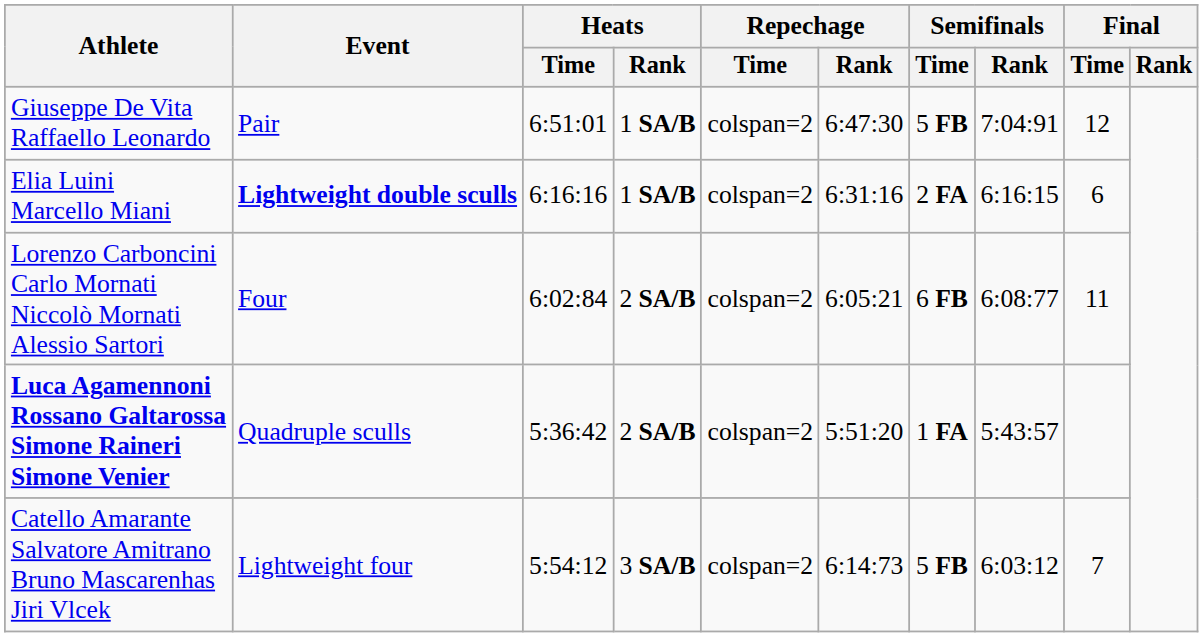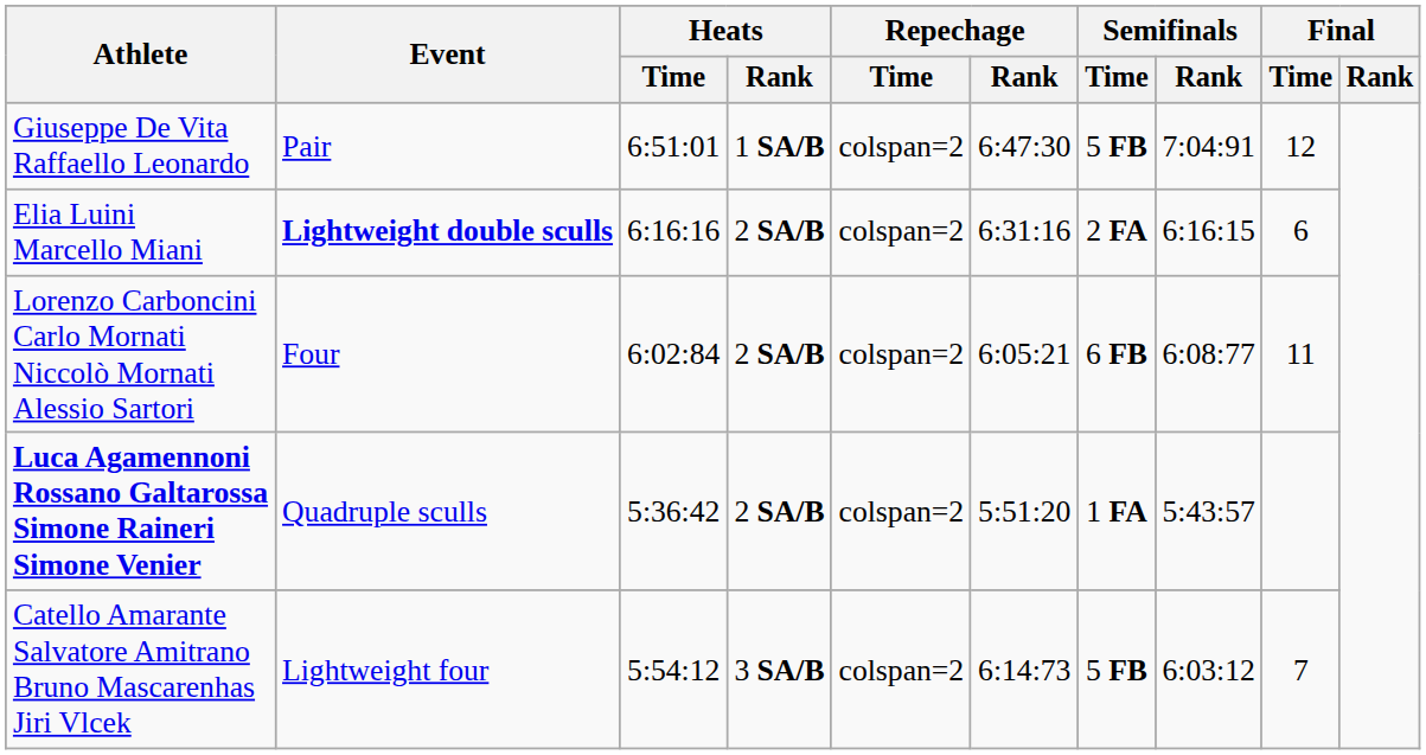 <table class="wikitable" style="font-size:90%">
 <tr>
 <th rowspan="2">Athlete</th>
 <th rowspan="2">Event</th>
 <th colspan="2">Heats</th>
 <th colspan="2">Repechage</th>
 <th colspan="2">Semifinals</th>
 <th colspan="2">Final</th>
 </tr>
 <tr style="font-size:95%">
 <th>Time</th>
 <th>Rank</th>
 <th>Time</th>
 <th>Rank</th>
 <th>Time</th>
 <th>Rank</th>
 <th>Time</th>
 <th>Rank</th>
 </tr>
 <tr align=center>
 <td align=left><a href='#'>Giuseppe De Vita</a><br><a href='#'>Raffaello Leonardo</a></td>
 <td align=left><a href='#'>Pair</a></td>
 <td>6:51:01</td>
 <td>1 <strong>SA/B</strong></td>
 <td>colspan=2 </td>
 <td>6:47:30</td>
 <td>5 <strong>FB</strong></td>
 <td>7:04:91</td>
 <td>12</td>
 </tr>
 <tr align=center>
 <td align=left><a href='#'>Elia Luini</a><br><a href='#'>Marcello Miani</a></td>
 <td align=left><strong><a href='#'>Lightweight double sculls</a></strong></td>
 <td>6:16:16</td>
-<td>1 <strong>SA/B</strong></td>
+<td>2 <strong>SA/B</strong></td>
 <td>colspan=2 </td>
 <td>6:31:16</td>
 <td>2 <strong>FA</strong></td>
 <td>6:16:15</td>
 <td>6</td>
 </tr>
 <tr align=center>
 <td align=left><a href='#'>Lorenzo Carboncini</a><br><a href='#'>Carlo Mornati</a><br><a href='#'>Niccolò Mornati</a><br><a href='#'>Alessio Sartori</a></td>
 <td align=left><a href='#'>Four</a></td>
 <td>6:02:84</td>
 <td>2 <strong>SA/B</strong></td>
 <td>colspan=2 </td>
 <td>6:05:21</td>
 <td>6 <strong>FB</strong></td>
 <td>6:08:77</td>
 <td>11</td>
 </tr>
 <tr align=center>
 <td align=left><strong><a href='#'>Luca Agamennoni</a><br><a href='#'>Rossano Galtarossa</a><br><a href='#'>Simone Raineri</a><br><a href='#'>Simone Venier</a></strong></td>
 <td align=left><a href='#'>Quadruple sculls</a></td>
 <td>5:36:42</td>
 <td>2 <strong>SA/B</strong></td>
 <td>colspan=2 </td>
 <td>5:51:20</td>
 <td>1 <strong>FA</strong></td>
 <td>5:43:57</td>
 <td></td>
 </tr>
 <tr align=center>
 <td align=left><a href='#'>Catello Amarante</a><br><a href='#'>Salvatore Amitrano</a><br><a href='#'>Bruno Mascarenhas</a><br><a href='#'>Jiri Vlcek</a></td>
 <td align=left><a href='#'>Lightweight four</a></td>
 <td>5:54:12</td>
 <td>3 <strong>SA/B</strong></td>
 <td>colspan=2 </td>
 <td>6:14:73</td>
 <td>5 <strong>FB</strong></td>
 <td>6:03:12</td>
 <td>7</td>
 </tr>
 </table>
